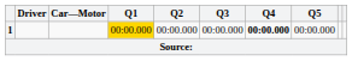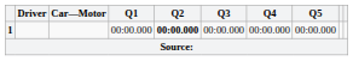 <table class="wikitable" style="font-size:85%;">
 <tr>
 <th style="background:#f2f3f4;"></th>
 <th style="background:#f2f3f4;">Driver</th>
 <th style="background:#f2f3f4;">Car—Motor</th>
 <th style="background:#f2f3f4;">Q1</th>
 <th style="background:#f2f3f4;">Q2</th>
 <th style="background:#f2f3f4;">Q3</th>
 <th style="background:#f2f3f4;">Q4</th>
 <th style="background:#f2f3f4;">Q5</th>
 <th style="background:#f2f3f4;"></th>
 <th style="background:#f2f3f4;"></th>
 </tr>
 <tr>
 <th style="background:#f2f3f4;">1</th>
 <td></td>
 <td></td>
-<td style="background: gold;">00:00.000</td>
+<td>00:00.000</td>
+<td><strong>00:00.000</strong></td>
 <td>00:00.000</td>
 <td>00:00.000</td>
-<td><strong>00:00.000</strong></td>
 <td>00:00.000</td>
 <td></td>
 <td></td>
 </tr>
 <tr>
 <th style="background:#f2f3f4;" colspan="10">Source:</th>
 </tr>
 </table>
